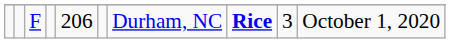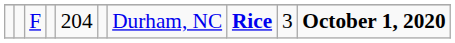 <table class="wikitable sortable sortable" style="text-align: center">
 <tr align=center>
 </tr>
 <tr>
 <td></td>
 <td></td>
 <td><a href='#'>F</a></td>
 <td></td>
-<td>206</td>
+<td>204</td>
 <td></td>
 <td><a href='#'>Durham, NC</a></td>
 <td><strong><a href='#'>Rice</a></strong></td>
 <td>3</td>
-<td>October 1, 2020</td>
+<td><strong>October 1, 2020</strong></td>
 </tr>
 </table>
